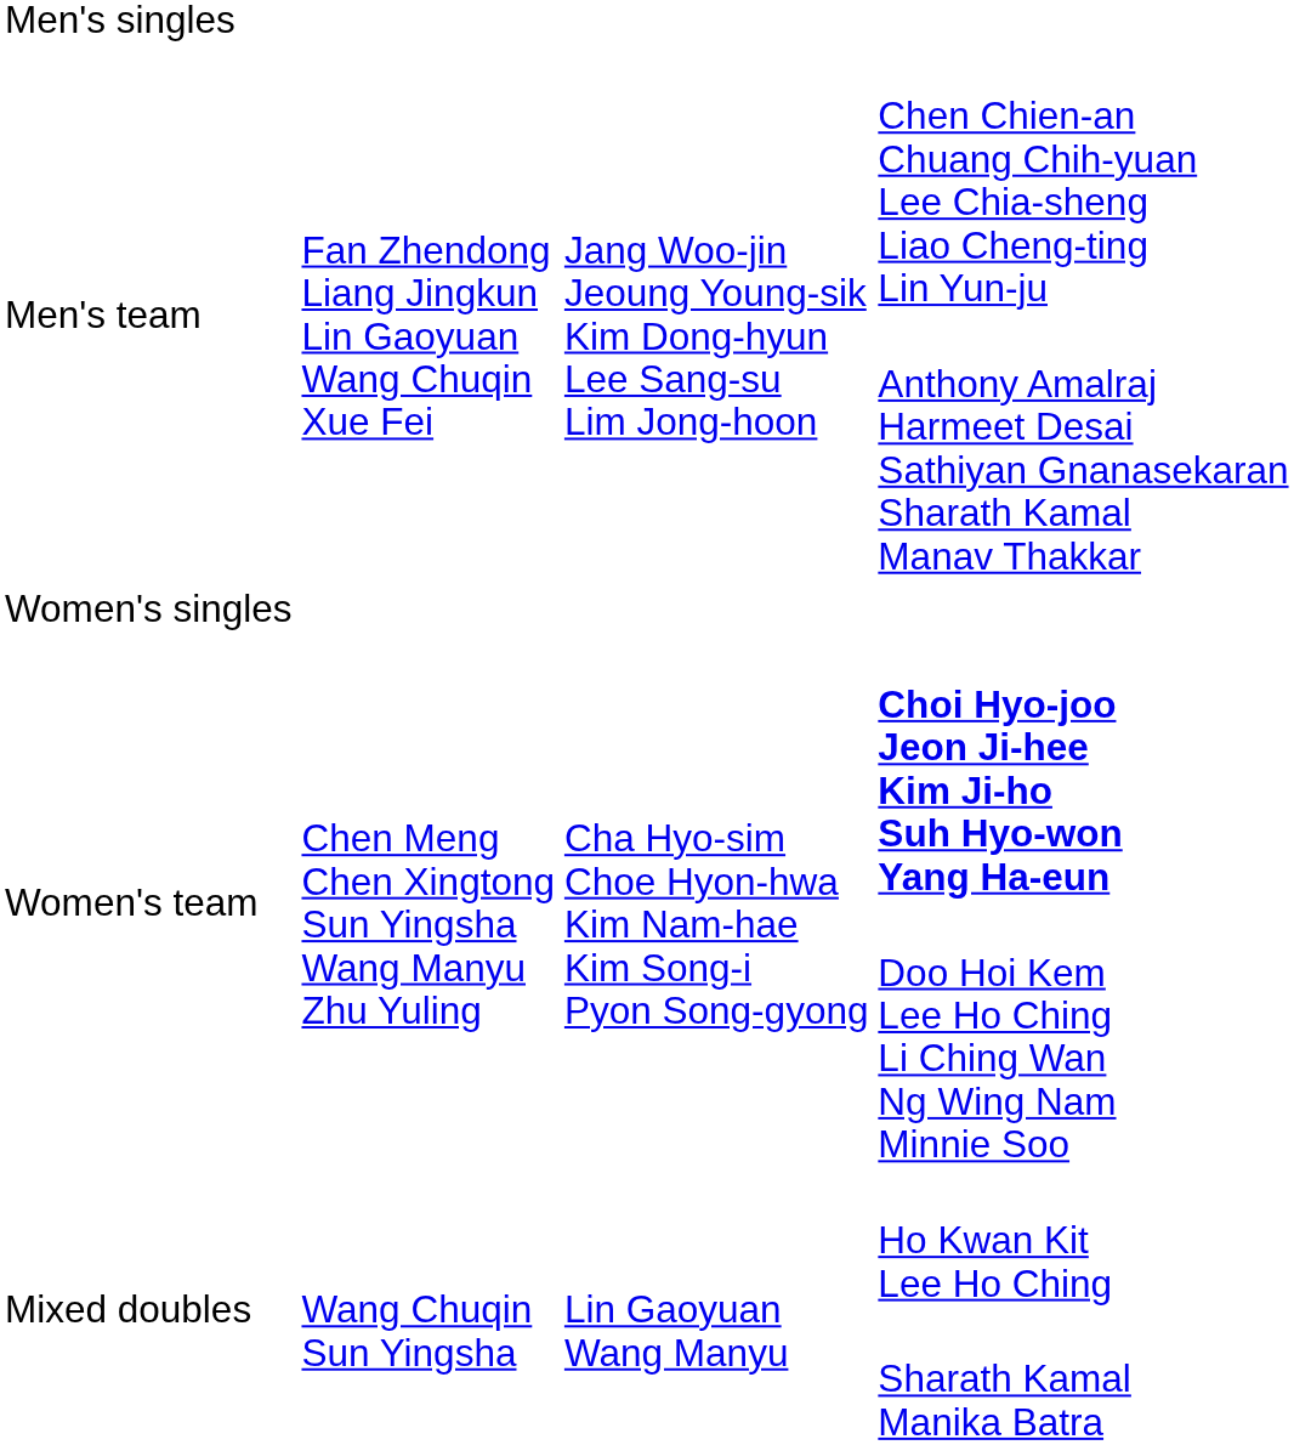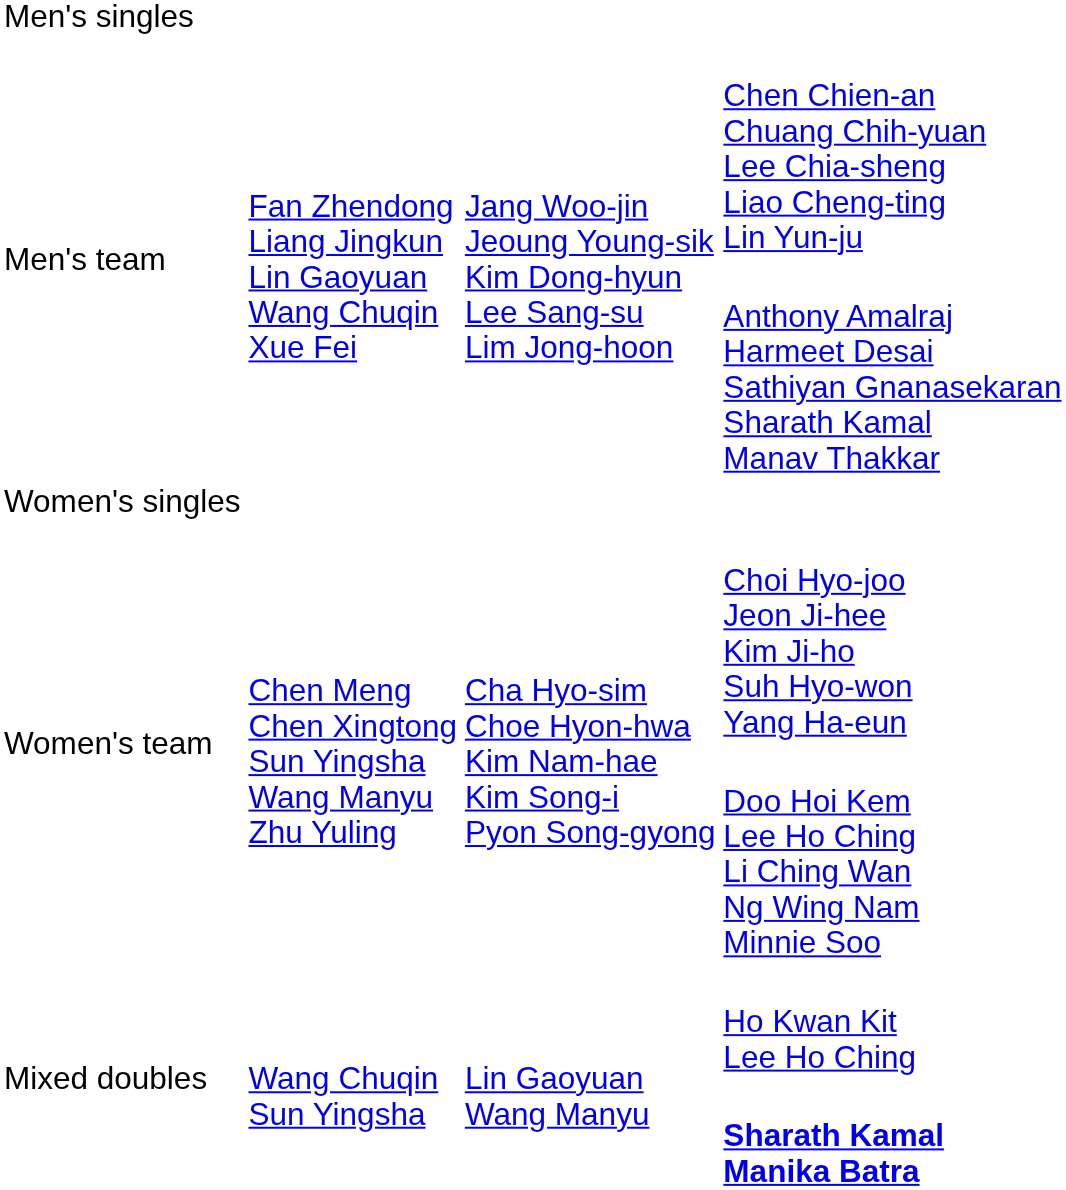 <table>
 <tr>
 <td rowspan=2>Men's singles<br></td>
 <td rowspan=2></td>
 <td rowspan=2></td>
 <td></td>
 </tr>
 <tr>
 <td></td>
 </tr>
 <tr>
 <td rowspan=2>Men's team<br></td>
 <td rowspan=2><br><a href='#'>Fan Zhendong</a><br><a href='#'>Liang Jingkun</a><br><a href='#'>Lin Gaoyuan</a><br><a href='#'>Wang Chuqin</a><br><a href='#'>Xue Fei</a></td>
 <td rowspan=2><br><a href='#'>Jang Woo-jin</a><br><a href='#'>Jeoung Young-sik</a><br><a href='#'>Kim Dong-hyun</a><br><a href='#'>Lee Sang-su</a><br><a href='#'>Lim Jong-hoon</a></td>
 <td><br><a href='#'>Chen Chien-an</a><br><a href='#'>Chuang Chih-yuan</a><br><a href='#'>Lee Chia-sheng</a><br><a href='#'>Liao Cheng-ting</a><br><a href='#'>Lin Yun-ju</a></td>
 </tr>
 <tr>
 <td><br><a href='#'>Anthony Amalraj</a><br><a href='#'>Harmeet Desai</a><br><a href='#'>Sathiyan Gnanasekaran</a><br><a href='#'>Sharath Kamal</a><br><a href='#'>Manav Thakkar</a></td>
 </tr>
 <tr>
 <td rowspan=2>Women's singles<br></td>
 <td rowspan=2></td>
 <td rowspan=2></td>
 <td></td>
 </tr>
 <tr>
 <td></td>
 </tr>
 <tr>
 <td rowspan=2>Women's team<br></td>
 <td rowspan=2><br><a href='#'>Chen Meng</a><br><a href='#'>Chen Xingtong</a><br><a href='#'>Sun Yingsha</a><br><a href='#'>Wang Manyu</a><br><a href='#'>Zhu Yuling</a></td>
 <td rowspan=2><br><a href='#'>Cha Hyo-sim</a><br><a href='#'>Choe Hyon-hwa</a><br><a href='#'>Kim Nam-hae</a><br><a href='#'>Kim Song-i</a><br><a href='#'>Pyon Song-gyong</a></td>
-<td><strong><br><a href='#'>Choi Hyo-joo</a><br><a href='#'>Jeon Ji-hee</a><br><a href='#'>Kim Ji-ho</a><br><a href='#'>Suh Hyo-won</a><br><a href='#'>Yang Ha-eun</a></strong></td>
+<td><br><a href='#'>Choi Hyo-joo</a><br><a href='#'>Jeon Ji-hee</a><br><a href='#'>Kim Ji-ho</a><br><a href='#'>Suh Hyo-won</a><br><a href='#'>Yang Ha-eun</a></td>
 </tr>
 <tr>
 <td><br><a href='#'>Doo Hoi Kem</a><br><a href='#'>Lee Ho Ching</a><br><a href='#'>Li Ching Wan</a><br><a href='#'>Ng Wing Nam</a><br><a href='#'>Minnie Soo</a></td>
 </tr>
 <tr>
 <td rowspan=2>Mixed doubles<br></td>
 <td rowspan=2><br><a href='#'>Wang Chuqin</a><br><a href='#'>Sun Yingsha</a></td>
 <td rowspan=2><br><a href='#'>Lin Gaoyuan</a><br><a href='#'>Wang Manyu</a></td>
 <td><br><a href='#'>Ho Kwan Kit</a><br><a href='#'>Lee Ho Ching</a></td>
 </tr>
 <tr>
-<td><br><a href='#'>Sharath Kamal</a><br><a href='#'>Manika Batra</a></td>
+<td><strong><br><a href='#'>Sharath Kamal</a><br><a href='#'>Manika Batra</a></strong></td>
 </tr>
 </table>
